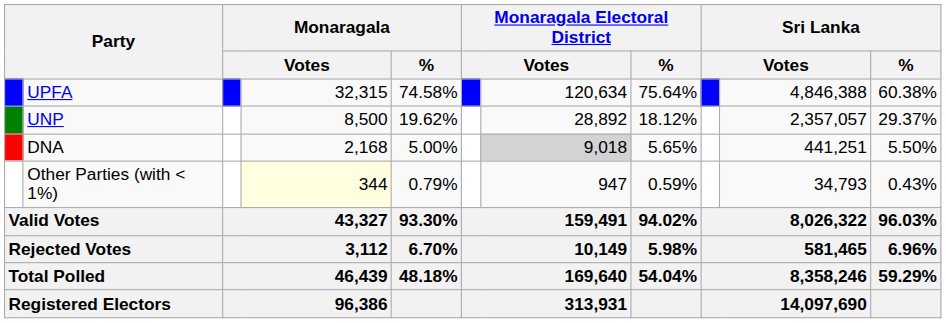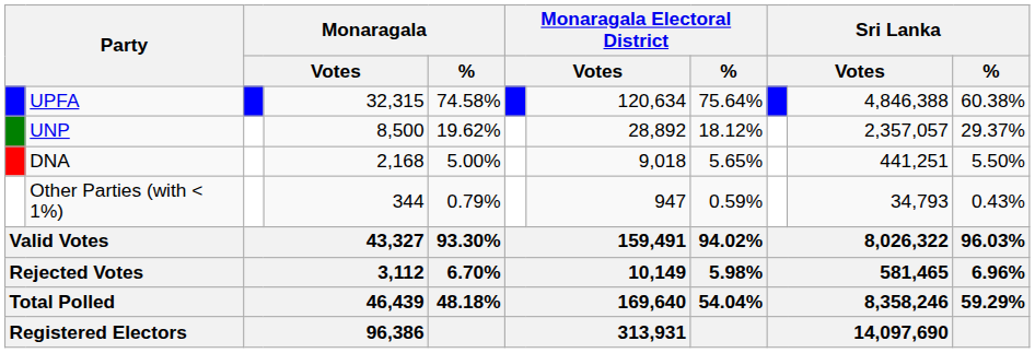 <table class="wikitable">
 <tr>
 <th colspan="2" width="144px"rowspan="2">Party</th>
 <th colspan="3" width="216px">Monaragala</th>
 <th colspan="3" width="216px"><a href='#'>Monaragala Electoral District</a></th>
 <th colspan="3" width="216px">Sri Lanka</th>
 </tr>
 <tr>
 <th colspan="2" width="144px">Votes</th>
 <th>%</th>
 <th colspan="2" width="144px">Votes</th>
 <th>%</th>
 <th colspan="2" width="144px">Votes</th>
 <th>%</th>
 </tr>
 <tr>
 <td style="background-color:blue;" width="10px"></td>
 <td style="text-align:left;"><a href='#'>UPFA</a></td>
 <td style="background-color:blue;" width="10px"></td>
 <td style="text-align:right;">32,315</td>
 <td style="text-align:right;">74.58%</td>
 <td style="background-color:blue;" width="10px"></td>
 <td style="text-align:right;">120,634</td>
 <td style="text-align:right;">75.64%</td>
 <td style="background-color:blue;" width="10px"></td>
 <td style="text-align:right;">4,846,388</td>
 <td style="text-align:right;">60.38%</td>
 </tr>
 <tr>
 <td style="background-color:green;" width="10px"></td>
 <td style="text-align:left;"><a href='#'>UNP</a></td>
 <td style="background-color:white;" width="10px"></td>
 <td style="text-align:right;">8,500</td>
 <td style="text-align:right;">19.62%</td>
 <td style="background-color:white;" width="10px"></td>
 <td style="text-align:right;">28,892</td>
 <td style="text-align:right;">18.12%</td>
 <td style="background-color:white;" width="10px"></td>
 <td style="text-align:right;">2,357,057</td>
 <td style="text-align:right;">29.37%</td>
 </tr>
 <tr>
 <td style="background-color:red;" width="10px"></td>
 <td style="text-align:left;">DNA</td>
 <td style="background-color:white;" width="10px"></td>
 <td style="text-align:right;">2,168</td>
 <td style="text-align:right;">5.00%</td>
 <td style="background-color:white;" width="10px"></td>
-<td style="background: lightgrey; text-align:right;">9,018</td>
+<td style="text-align:right;">9,018</td>
 <td style="text-align:right;">5.65%</td>
 <td style="background-color:white;" width="10px"></td>
 <td style="text-align:right;">441,251</td>
 <td style="text-align:right;">5.50%</td>
 </tr>
 <tr>
 <td style="background-color:white;" width="10px"></td>
 <td style="text-align:left;">Other Parties (with < 1%)</td>
 <td style="background-color:white;" width="10px"></td>
-<td style="background: lightyellow; text-align:right;">344</td>
+<td style="text-align:right;">344</td>
 <td style="text-align:right;">0.79%</td>
 <td style="background-color:white;" width="10px"></td>
 <td style="text-align:right;">947</td>
 <td style="text-align:right;">0.59%</td>
 <td style="background-color:white;" width="10px"></td>
 <td style="text-align:right;">34,793</td>
 <td style="text-align:right;">0.43%</td>
 </tr>
 <tr>
 <th colspan="2" width="144px"style="text-align:left;">Valid Votes</th>
 <th style="text-align:right;"colspan="2" width="144px">43,327</th>
 <th style="text-align:right;">93.30%</th>
 <th style="text-align:right;"colspan="2" width="144px">159,491</th>
 <th style="text-align:right;">94.02%</th>
 <th style="text-align:right;"colspan="2" width="144px">8,026,322</th>
 <th style="text-align:right;">96.03%</th>
 </tr>
 <tr>
 <th colspan="2" width="144px"style="text-align:left;">Rejected Votes</th>
 <th style="text-align:right;"colspan="2" width="144px">3,112</th>
 <th style="text-align:right;">6.70%</th>
 <th style="text-align:right;"colspan="2" width="144px">10,149</th>
 <th style="text-align:right;">5.98%</th>
 <th style="text-align:right;"colspan="2" width="144px">581,465</th>
 <th style="text-align:right;">6.96%</th>
 </tr>
 <tr>
 <th colspan="2" width="144px"style="text-align:left;">Total Polled</th>
 <th style="text-align:right;"colspan="2" width="144px">46,439</th>
 <th style="text-align:right;">48.18%</th>
 <th style="text-align:right;"colspan="2" width="144px">169,640</th>
 <th style="text-align:right;">54.04%</th>
 <th style="text-align:right;"colspan="2" width="144px">8,358,246</th>
 <th style="text-align:right;">59.29%</th>
 </tr>
 <tr>
 <th colspan="2" width="144px"style="text-align:left;">Registered Electors</th>
 <th style="text-align:right;"colspan="2" width="144px">96,386</th>
 <th></th>
 <th style="text-align:right;"colspan="2" width="144px">313,931</th>
 <th></th>
 <th style="text-align:right;"colspan="2" width="144px">14,097,690</th>
 <th></th>
 </tr>
 </table>
